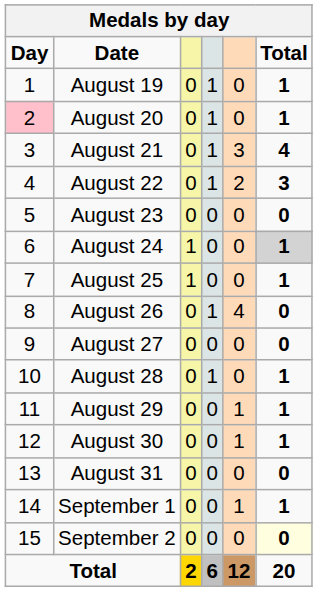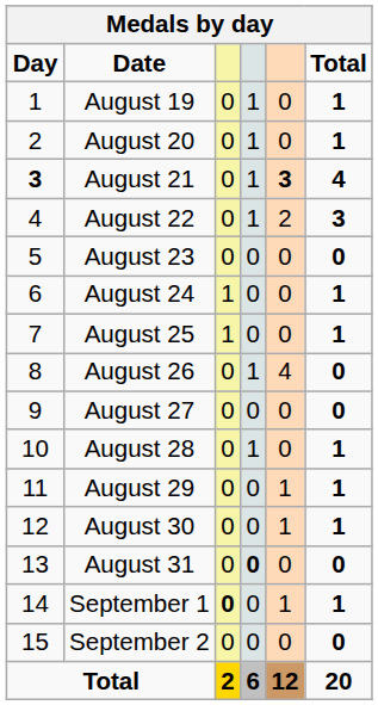 <table class=wikitable style="font-size:85%; float:right;text-align:center">
 <tr>
 <th colspan=7><strong>Medals by day</strong></th>
 </tr>
 <tr>
 <td><strong>Day</strong></td>
 <td><strong>Date</strong></td>
 <td bgcolor=F7F6A8></td>
 <td bgcolor=DCE5E5></td>
 <td bgcolor=FFDAB9></td>
 <td><strong>Total</strong></td>
 </tr>
 <tr>
 <td>1</td>
 <td>August 19</td>
 <td bgcolor=F7F6A8>0</td>
 <td bgcolor=DCE5E5>1</td>
 <td bgcolor=FFDAB9>0</td>
 <td><strong>1</strong></td>
 </tr>
 <tr>
-<td style="background: pink;">2</td>
+<td>2</td>
 <td>August 20</td>
 <td bgcolor=F7F6A8>0</td>
 <td bgcolor=DCE5E5>1</td>
 <td bgcolor=FFDAB9>0</td>
 <td><strong>1</strong></td>
 </tr>
 <tr>
-<td>3</td>
+<td><strong>3</strong></td>
 <td>August 21</td>
 <td bgcolor=F7F6A8>0</td>
 <td bgcolor=DCE5E5>1</td>
-<td bgcolor=FFDAB9>3</td>
+<td bgcolor=FFDAB9><strong>3</strong></td>
 <td><strong>4</strong></td>
 </tr>
 <tr>
 <td>4</td>
 <td>August 22</td>
 <td bgcolor=F7F6A8>0</td>
 <td bgcolor=DCE5E5>1</td>
 <td bgcolor=FFDAB9>2</td>
 <td><strong>3</strong></td>
 </tr>
 <tr>
 <td>5</td>
 <td>August 23</td>
 <td bgcolor=F7F6A8>0</td>
 <td bgcolor=DCE5E5>0</td>
 <td bgcolor=FFDAB9>0</td>
 <td><strong>0</strong></td>
 </tr>
 <tr>
 <td>6</td>
 <td>August 24</td>
 <td bgcolor=F7F6A8>1</td>
 <td bgcolor=DCE5E5>0</td>
 <td bgcolor=FFDAB9>0</td>
-<td style="background: lightgrey;"><strong>1</strong></td>
+<td><strong>1</strong></td>
 </tr>
 <tr>
 <td>7</td>
 <td>August 25</td>
 <td bgcolor=F7F6A8>1</td>
 <td bgcolor=DCE5E5>0</td>
 <td bgcolor=FFDAB9>0</td>
 <td><strong>1</strong></td>
 </tr>
 <tr>
 <td>8</td>
 <td>August 26</td>
 <td bgcolor=F7F6A8>0</td>
 <td bgcolor=DCE5E5>1</td>
 <td bgcolor=FFDAB9>4</td>
 <td><strong>0</strong></td>
 </tr>
 <tr>
 <td>9</td>
 <td>August 27</td>
 <td bgcolor=F7F6A8>0</td>
 <td bgcolor=DCE5E5>0</td>
 <td bgcolor=FFDAB9>0</td>
 <td><strong>0</strong></td>
 </tr>
 <tr>
 <td>10</td>
 <td>August 28</td>
 <td bgcolor=F7F6A8>0</td>
 <td bgcolor=DCE5E5>1</td>
 <td bgcolor=FFDAB9>0</td>
 <td><strong>1</strong></td>
 </tr>
 <tr>
 <td>11</td>
 <td>August 29</td>
 <td bgcolor=F7F6A8>0</td>
 <td bgcolor=DCE5E5>0</td>
 <td bgcolor=FFDAB9>1</td>
 <td><strong>1</strong></td>
 </tr>
 <tr>
 <td>12</td>
 <td>August 30</td>
 <td bgcolor=F7F6A8>0</td>
 <td bgcolor=DCE5E5>0</td>
 <td bgcolor=FFDAB9>1</td>
 <td><strong>1</strong></td>
 </tr>
 <tr>
 <td>13</td>
 <td>August 31</td>
 <td bgcolor=F7F6A8>0</td>
-<td bgcolor=DCE5E5>0</td>
+<td bgcolor=DCE5E5><strong>0</strong></td>
 <td bgcolor=FFDAB9>0</td>
 <td><strong>0</strong></td>
 </tr>
 <tr>
 <td>14</td>
 <td>September 1</td>
-<td bgcolor=F7F6A8>0</td>
+<td bgcolor=F7F6A8><strong>0</strong></td>
 <td bgcolor=DCE5E5>0</td>
 <td bgcolor=FFDAB9>1</td>
 <td><strong>1</strong></td>
 </tr>
 <tr>
 <td>15</td>
 <td>September 2</td>
 <td bgcolor=F7F6A8>0</td>
 <td bgcolor=DCE5E5>0</td>
 <td bgcolor=FFDAB9>0</td>
-<td style="background: lightyellow;"><strong>0</strong></td>
+<td><strong>0</strong></td>
 </tr>
 <tr>
 <td colspan=2><strong>Total</strong></td>
 <td style="background:gold;"><strong>2</strong></td>
 <td style="background:silver;"><strong>6</strong></td>
 <td style="background:#c96;"><strong>12</strong></td>
 <td><strong>20</strong></td>
 </tr>
 </table>
